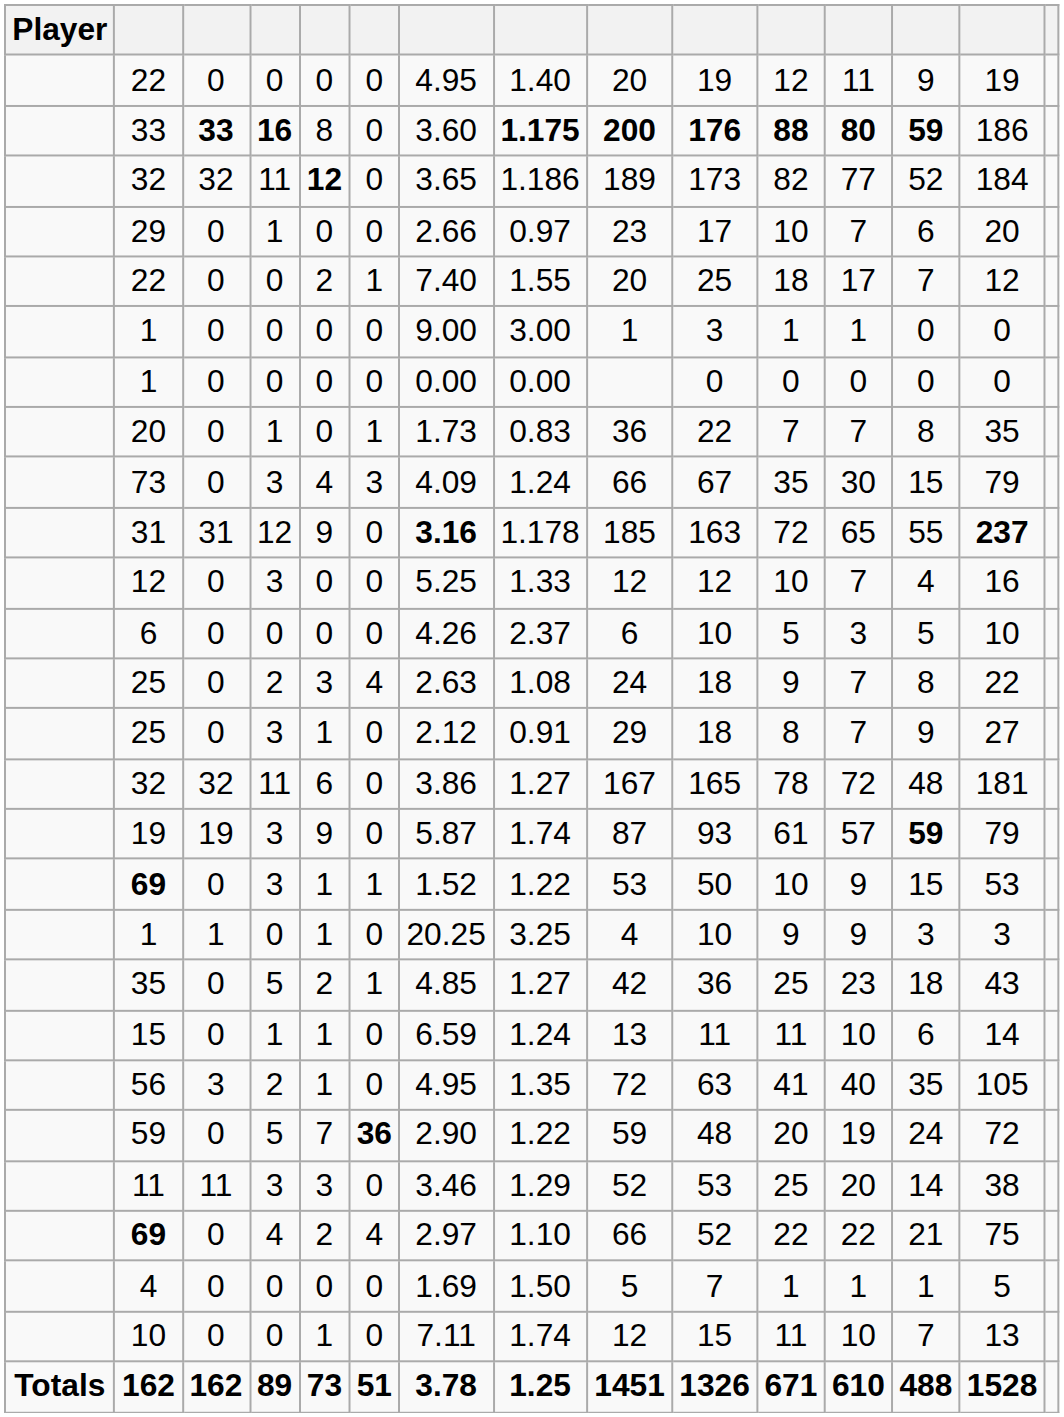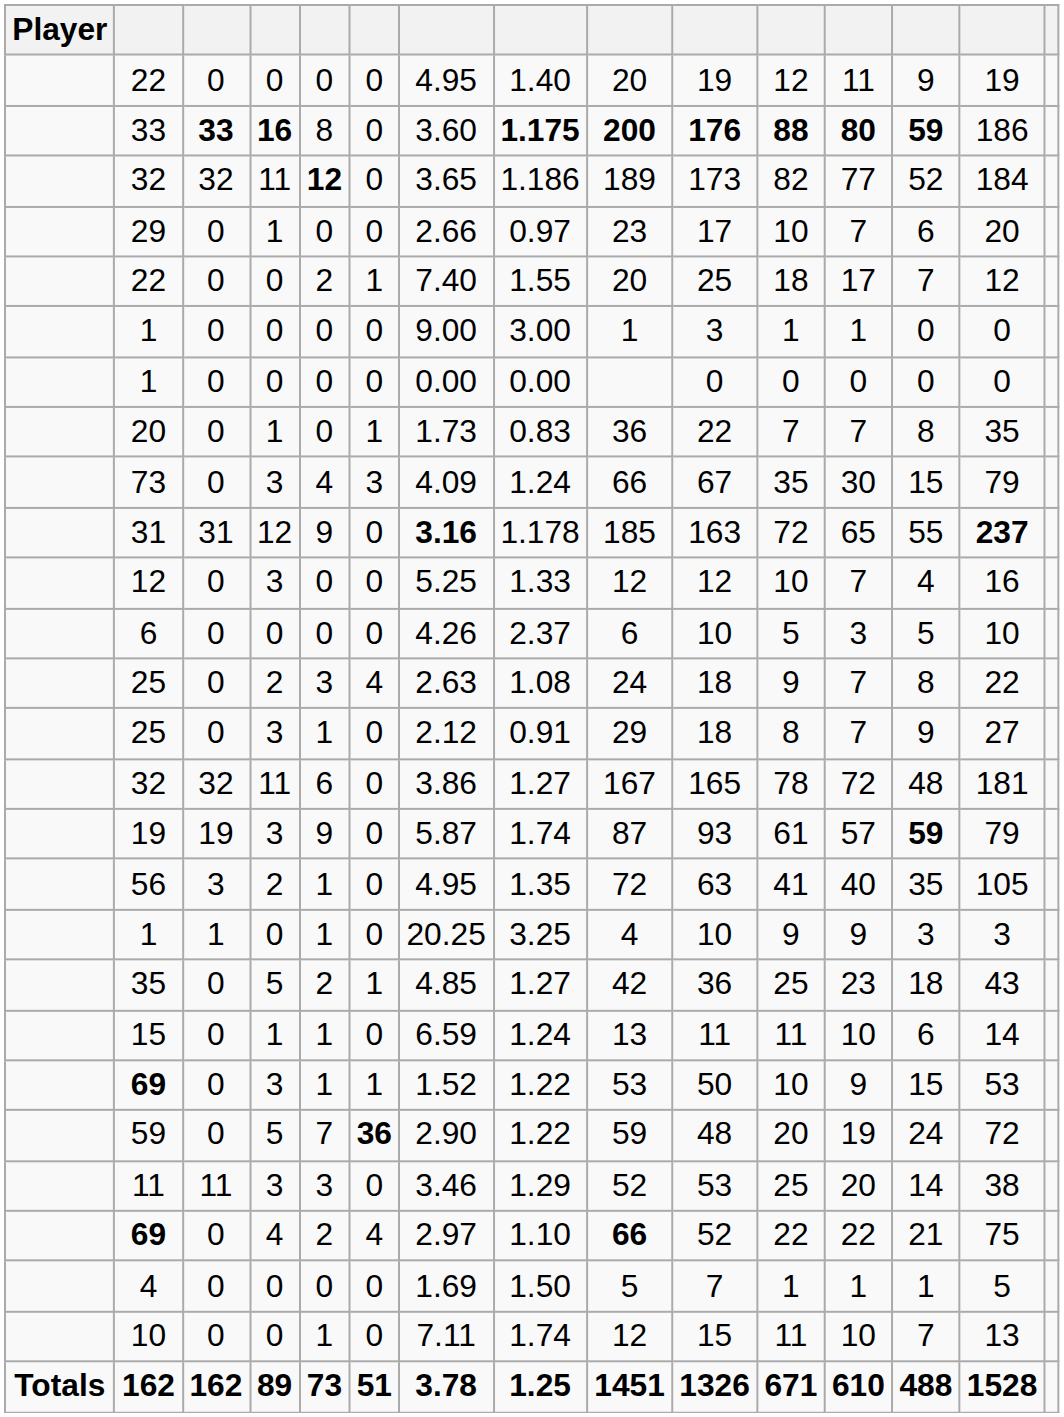 <table class="wikitable sortable">
 <tr>
 <th>Player</th>
 <th></th>
 <th></th>
 <th></th>
 <th></th>
 <th></th>
 <th></th>
 <th></th>
 <th></th>
 <th></th>
 <th></th>
 <th></th>
 <th></th>
 <th></th>
 <th></th>
 </tr>
 <tr align=center>
 <td></td>
 <td>22</td>
 <td>0</td>
 <td>0</td>
 <td>0</td>
 <td>0</td>
 <td>4.95</td>
 <td>1.40</td>
 <td>20</td>
 <td>19</td>
 <td>12</td>
 <td>11</td>
 <td>9</td>
 <td>19</td>
 <td></td>
 </tr>
 <tr align=center>
 <td></td>
 <td>33</td>
 <td><strong>33</strong></td>
 <td><strong>16</strong></td>
 <td>8</td>
 <td>0</td>
 <td>3.60</td>
 <td><strong>1.175</strong></td>
 <td><strong>200</strong></td>
 <td><strong>176</strong></td>
 <td><strong>88</strong></td>
 <td><strong>80</strong></td>
 <td><strong>59</strong></td>
 <td>186</td>
 <td></td>
 </tr>
 <tr align=center>
 <td></td>
 <td>32</td>
 <td>32</td>
 <td>11</td>
 <td><strong>12</strong></td>
 <td>0</td>
 <td>3.65</td>
 <td>1.186</td>
 <td>189</td>
 <td>173</td>
 <td>82</td>
 <td>77</td>
 <td>52</td>
 <td>184</td>
 <td></td>
 </tr>
 <tr align=center>
 <td></td>
 <td>29</td>
 <td>0</td>
 <td>1</td>
 <td>0</td>
 <td>0</td>
 <td>2.66</td>
 <td>0.97</td>
 <td>23</td>
 <td>17</td>
 <td>10</td>
 <td>7</td>
 <td>6</td>
 <td>20</td>
 <td></td>
 </tr>
 <tr align=center>
 <td></td>
 <td>22</td>
 <td>0</td>
 <td>0</td>
 <td>2</td>
 <td>1</td>
 <td>7.40</td>
 <td>1.55</td>
 <td>20</td>
 <td>25</td>
 <td>18</td>
 <td>17</td>
 <td>7</td>
 <td>12</td>
 <td></td>
 </tr>
 <tr align=center>
 <td></td>
 <td>1</td>
 <td>0</td>
 <td>0</td>
 <td>0</td>
 <td>0</td>
 <td>9.00</td>
 <td>3.00</td>
 <td>1</td>
 <td>3</td>
 <td>1</td>
 <td>1</td>
 <td>0</td>
 <td>0</td>
 <td></td>
 </tr>
 <tr align=center>
 <td></td>
 <td>1</td>
 <td>0</td>
 <td>0</td>
 <td>0</td>
 <td>0</td>
 <td>0.00</td>
 <td>0.00</td>
 <td></td>
 <td>0</td>
 <td>0</td>
 <td>0</td>
 <td>0</td>
 <td>0</td>
 <td></td>
 </tr>
 <tr align=center>
 <td></td>
 <td>20</td>
 <td>0</td>
 <td>1</td>
 <td>0</td>
 <td>1</td>
 <td>1.73</td>
 <td>0.83</td>
 <td>36</td>
 <td>22</td>
 <td>7</td>
 <td>7</td>
 <td>8</td>
 <td>35</td>
 <td></td>
 </tr>
 <tr align=center>
 <td></td>
 <td>73</td>
 <td>0</td>
 <td>3</td>
 <td>4</td>
 <td>3</td>
 <td>4.09</td>
 <td>1.24</td>
 <td>66</td>
 <td>67</td>
 <td>35</td>
 <td>30</td>
 <td>15</td>
 <td>79</td>
 <td></td>
 </tr>
 <tr align=center>
 <td></td>
 <td>31</td>
 <td>31</td>
 <td>12</td>
 <td>9</td>
 <td>0</td>
 <td><strong>3.16</strong></td>
 <td>1.178</td>
 <td>185</td>
 <td>163</td>
 <td>72</td>
 <td>65</td>
 <td>55</td>
 <td><strong>237</strong></td>
 <td></td>
 </tr>
 <tr align=center>
 <td></td>
 <td>12</td>
 <td>0</td>
 <td>3</td>
 <td>0</td>
 <td>0</td>
 <td>5.25</td>
 <td>1.33</td>
 <td>12</td>
 <td>12</td>
 <td>10</td>
 <td>7</td>
 <td>4</td>
 <td>16</td>
 <td></td>
 </tr>
 <tr align=center>
 <td></td>
 <td>6</td>
 <td>0</td>
 <td>0</td>
 <td>0</td>
 <td>0</td>
 <td>4.26</td>
 <td>2.37</td>
 <td>6</td>
 <td>10</td>
 <td>5</td>
 <td>3</td>
 <td>5</td>
 <td>10</td>
 <td></td>
 </tr>
 <tr align=center>
 <td></td>
 <td>25</td>
 <td>0</td>
 <td>2</td>
 <td>3</td>
 <td>4</td>
 <td>2.63</td>
 <td>1.08</td>
 <td>24</td>
 <td>18</td>
 <td>9</td>
 <td>7</td>
 <td>8</td>
 <td>22</td>
 <td></td>
 </tr>
 <tr align=center>
 <td></td>
 <td>25</td>
 <td>0</td>
 <td>3</td>
 <td>1</td>
 <td>0</td>
 <td>2.12</td>
 <td>0.91</td>
 <td>29</td>
 <td>18</td>
 <td>8</td>
 <td>7</td>
 <td>9</td>
 <td>27</td>
 <td></td>
 </tr>
 <tr align=center>
 <td></td>
 <td>32</td>
 <td>32</td>
 <td>11</td>
 <td>6</td>
 <td>0</td>
 <td>3.86</td>
 <td>1.27</td>
 <td>167</td>
 <td>165</td>
 <td>78</td>
 <td>72</td>
 <td>48</td>
 <td>181</td>
 <td></td>
 </tr>
 <tr align=center>
 <td></td>
 <td>19</td>
 <td>19</td>
 <td>3</td>
 <td>9</td>
 <td>0</td>
 <td>5.87</td>
 <td>1.74</td>
 <td>87</td>
 <td>93</td>
 <td>61</td>
 <td>57</td>
 <td><strong>59</strong></td>
 <td>79</td>
 <td></td>
 </tr>
 <tr align=center>
 <td></td>
-<td><strong>69</strong></td>
+<td>56</td>
+<td>3</td>
+<td>2</td>
+<td>1</td>
 <td>0</td>
-<td>3</td>
-<td>1</td>
-<td>1</td>
-<td>1.52</td>
-<td>1.22</td>
-<td>53</td>
-<td>50</td>
-<td>10</td>
-<td>9</td>
-<td>15</td>
-<td>53</td>
+<td>4.95</td>
+<td>1.35</td>
+<td>72</td>
+<td>63</td>
+<td>41</td>
+<td>40</td>
+<td>35</td>
+<td>105</td>
 <td></td>
 </tr>
 <tr align=center>
 <td></td>
 <td>1</td>
 <td>1</td>
 <td>0</td>
 <td>1</td>
 <td>0</td>
 <td>20.25</td>
 <td>3.25</td>
 <td>4</td>
 <td>10</td>
 <td>9</td>
 <td>9</td>
 <td>3</td>
 <td>3</td>
 <td></td>
 </tr>
 <tr align=center>
 <td></td>
 <td>35</td>
 <td>0</td>
 <td>5</td>
 <td>2</td>
 <td>1</td>
 <td>4.85</td>
 <td>1.27</td>
 <td>42</td>
 <td>36</td>
 <td>25</td>
 <td>23</td>
 <td>18</td>
 <td>43</td>
 <td></td>
 </tr>
 <tr align=center>
 <td></td>
 <td>15</td>
 <td>0</td>
 <td>1</td>
 <td>1</td>
 <td>0</td>
 <td>6.59</td>
 <td>1.24</td>
 <td>13</td>
 <td>11</td>
 <td>11</td>
 <td>10</td>
 <td>6</td>
 <td>14</td>
 <td></td>
 </tr>
 <tr align=center>
 <td></td>
-<td>56</td>
+<td><strong>69</strong></td>
+<td>0</td>
 <td>3</td>
-<td>2</td>
 <td>1</td>
-<td>0</td>
-<td>4.95</td>
-<td>1.35</td>
-<td>72</td>
-<td>63</td>
-<td>41</td>
-<td>40</td>
-<td>35</td>
-<td>105</td>
+<td>1</td>
+<td>1.52</td>
+<td>1.22</td>
+<td>53</td>
+<td>50</td>
+<td>10</td>
+<td>9</td>
+<td>15</td>
+<td>53</td>
 <td></td>
 </tr>
 <tr align=center>
 <td></td>
 <td>59</td>
 <td>0</td>
 <td>5</td>
 <td>7</td>
 <td><strong>36</strong></td>
 <td>2.90</td>
 <td>1.22</td>
 <td>59</td>
 <td>48</td>
 <td>20</td>
 <td>19</td>
 <td>24</td>
 <td>72</td>
 <td></td>
 </tr>
 <tr align=center>
 <td></td>
 <td>11</td>
 <td>11</td>
 <td>3</td>
 <td>3</td>
 <td>0</td>
 <td>3.46</td>
 <td>1.29</td>
 <td>52</td>
 <td>53</td>
 <td>25</td>
 <td>20</td>
 <td>14</td>
 <td>38</td>
 <td></td>
 </tr>
 <tr align=center>
 <td></td>
 <td><strong>69</strong></td>
 <td>0</td>
 <td>4</td>
 <td>2</td>
 <td>4</td>
 <td>2.97</td>
 <td>1.10</td>
-<td>66</td>
+<td><strong>66</strong></td>
 <td>52</td>
 <td>22</td>
 <td>22</td>
 <td>21</td>
 <td>75</td>
 <td></td>
 </tr>
 <tr align=center>
 <td></td>
 <td>4</td>
 <td>0</td>
 <td>0</td>
 <td>0</td>
 <td>0</td>
 <td>1.69</td>
 <td>1.50</td>
 <td>5</td>
 <td>7</td>
 <td>1</td>
 <td>1</td>
 <td>1</td>
 <td>5</td>
 <td></td>
 </tr>
 <tr align=center>
 <td></td>
 <td>10</td>
 <td>0</td>
 <td>0</td>
 <td>1</td>
 <td>0</td>
 <td>7.11</td>
 <td>1.74</td>
 <td>12</td>
 <td>15</td>
 <td>11</td>
 <td>10</td>
 <td>7</td>
 <td>13</td>
 <td></td>
 </tr>
 <tr align=center>
 <td><strong>Totals</strong></td>
 <td><strong>162</strong></td>
 <td><strong>162</strong></td>
 <td><strong>89</strong></td>
 <td><strong>73</strong></td>
 <td><strong>51</strong></td>
 <td><strong>3.78</strong></td>
 <td><strong>1.25</strong></td>
 <td><strong>1451</strong></td>
 <td><strong>1326</strong></td>
 <td><strong>671</strong></td>
 <td><strong>610</strong></td>
 <td><strong>488</strong></td>
 <td><strong>1528</strong></td>
 <td></td>
 </tr>
 </table>
